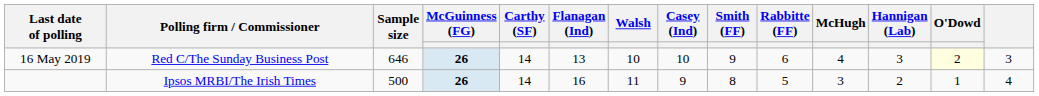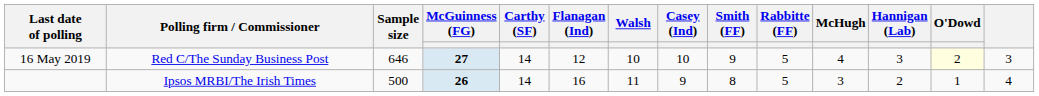 <table class="wikitable sortable collapsible" style="text-align:center;font-size:95%;">
 <tr style="height:42px;">
 <th style="width:110px;" rowspan="2">Last date<br>of polling</th>
 <th style="width:300px;" rowspan="2">Polling firm / Commissioner</th>
 <th class="unsortable" style="width:50px;" rowspan="2">Sample<br>size</th>
 <th class="unsortable" style="width:50px;"><a href='#'>McGuinness</a> (<a href='#'>FG</a>)</th>
 <th class="unsortable" style="width:50px;"><a href='#'>Carthy</a> (<a href='#'>SF</a>)</th>
 <th class="unsortable" style="width:50px;"><a href='#'>Flanagan</a> (<a href='#'>Ind</a>)</th>
 <th class="unsortable" style="width:50px;"><a href='#'>Walsh</a>  </th>
 <th class="unsortable" style="width:50px;"><a href='#'>Casey</a> (<a href='#'>Ind</a>)</th>
 <th class="unsortable" style="width:50px;"><a href='#'>Smith</a> (<a href='#'>FF</a>)</th>
 <th class="unsortable" style="width:50px;"><a href='#'>Rabbitte</a> (<a href='#'>FF</a>)</th>
 <th class="unsortable" style="width:50px;">McHugh </th>
 <th class="unsortable" style="width:50px;"><a href='#'>Hannigan</a> (<a href='#'>Lab</a>)</th>
 <th class="unsortable" style="width:50px;">O'Dowd  </th>
 <th class="unsortable" style="width:50px;" rowspan="2"></th>
 </tr>
 <tr>
 <th style="color:inherit;background:"></th>
 <th style="color:inherit;background:"></th>
 <th style="color:inherit;background:"></th>
 <th style="color:inherit;background:"></th>
 <th style="color:inherit;background:"></th>
 <th style="color:inherit;background:"></th>
 <th style="color:inherit;background:"></th>
 <th style="color:inherit;background:"></th>
 <th style="color:inherit;background:"></th>
 <th style="color:inherit;background:"></th>
 </tr>
 <tr>
 <td>16 May 2019</td>
 <td data-sort-value="RedC1"><a href='#'>Red C/The Sunday Business Post</a></td>
 <td>646</td>
-<td style="background:#D9E9F4"><strong>26</strong></td>
+<td style="background:#D9E9F4"><strong>27</strong></td>
 <td>14</td>
-<td>13</td>
+<td>12</td>
 <td>10</td>
 <td>10</td>
 <td>9</td>
-<td>6</td>
+<td>5</td>
 <td>4</td>
 <td>3</td>
 <td style="background: lightyellow;">2</td>
 <td>3</td>
 </tr>
 <tr>
 <td></td>
 <td data-sort-value="IpsosMRBI1"><a href='#'>Ipsos MRBI/The Irish Times</a></td>
 <td>500</td>
 <td style="background:#D9E9F4"><strong>26</strong></td>
 <td>14</td>
 <td>16</td>
 <td>11</td>
 <td>9</td>
 <td>8</td>
 <td>5</td>
 <td>3</td>
 <td>2</td>
 <td>1</td>
 <td>4</td>
 </tr>
 </table>
